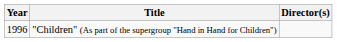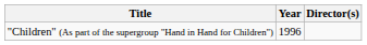 <table class="wikitable">
 <tr>
+<th>Title</th>
 <th>Year</th>
-<th>Title</th>
 <th>Director(s)</th>
 </tr>
 <tr>
+<td>"Children" <small>(As part of the supergroup "Hand in Hand for Children")</small></td>
 <td>1996</td>
-<td>"Children" <small>(As part of the supergroup "Hand in Hand for Children")</small></td>
 <td></td>
 </tr>
 </table>
